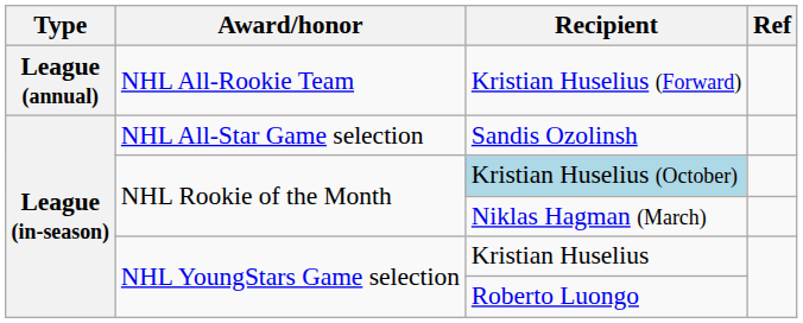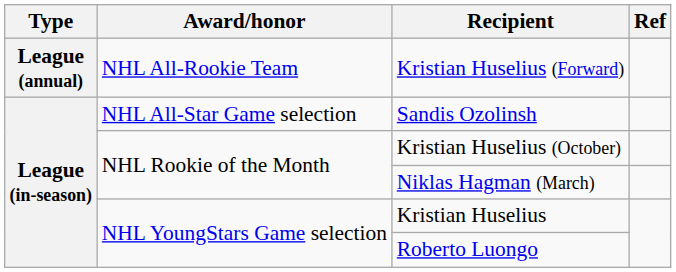 <table class="wikitable">
 <tr>
 <th scope="col">Type</th>
 <th scope="col">Award/honor</th>
 <th scope="col">Recipient</th>
 <th scope="col">Ref</th>
 </tr>
 <tr>
 <th scope="row">League<br><small>(annual)</small></th>
 <td><a href='#'>NHL All-Rookie Team</a></td>
 <td><a href='#'>Kristian Huselius</a> <small>(<a href='#'>Forward</a>)</small></td>
 <td></td>
 </tr>
 <tr>
 <th scope="row" rowspan="5">League<br><small>(in-season)</small></th>
 <td><a href='#'>NHL All-Star Game</a> selection</td>
 <td><a href='#'>Sandis Ozolinsh</a></td>
 <td></td>
 </tr>
 <tr>
 <td rowspan="2">NHL Rookie of the Month</td>
-<td style="background: lightblue;">Kristian Huselius <small>(October)</small></td>
+<td>Kristian Huselius <small>(October)</small></td>
 <td></td>
 </tr>
 <tr>
 <td><a href='#'>Niklas Hagman</a> <small>(March)</small></td>
 <td></td>
 </tr>
 <tr>
 <td rowspan="2"><a href='#'>NHL YoungStars Game</a> selection</td>
 <td>Kristian Huselius</td>
 <td rowspan="2"></td>
 </tr>
 <tr>
 <td><a href='#'>Roberto Luongo</a></td>
 </tr>
 </table>
